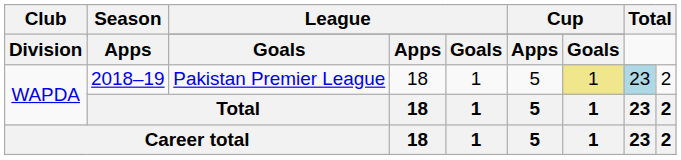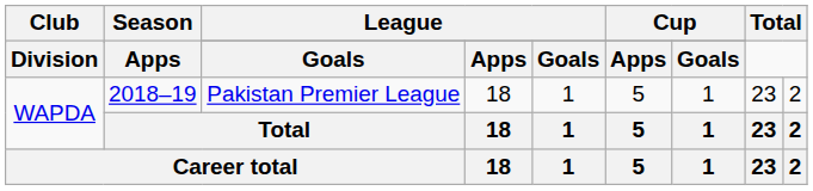 <table class="wikitable" style="font-size:100%; text-align: center;">
 <tr>
 <th rowspan=2>Club</th>
 <th rowspan=2>Season</th>
 <th colspan="3">League</th>
 <th colspan="2">Cup</th>
 <th colspan="2">Total</th>
 </tr>
 <tr>
 </tr>
 <tr>
 <th>Division</th>
 <th>Apps</th>
 <th>Goals</th>
 <th>Apps</th>
 <th>Goals</th>
 <th>Apps</th>
 <th>Goals</th>
 </tr>
 <tr>
 <td rowspan="2" valign="center"><a href='#'>WAPDA</a></td>
 <td><a href='#'>2018–19</a></td>
 <td><a href='#'>Pakistan Premier League</a></td>
 <td>18</td>
 <td>1</td>
 <td>5</td>
-<td style="background: khaki;">1</td>
-<td style="background: lightblue;">23</td>
+<td>1</td>
+<td>23</td>
 <td>2</td>
 </tr>
 <tr>
 <th colspan="2">Total</th>
 <th>18</th>
 <th>1</th>
 <th>5</th>
 <th>1</th>
 <th>23</th>
 <th>2</th>
 </tr>
 <tr>
 <th colspan="3">Career total</th>
 <th>18</th>
 <th>1</th>
 <th>5</th>
 <th>1</th>
 <th>23</th>
 <th>2</th>
 </tr>
 </table>
